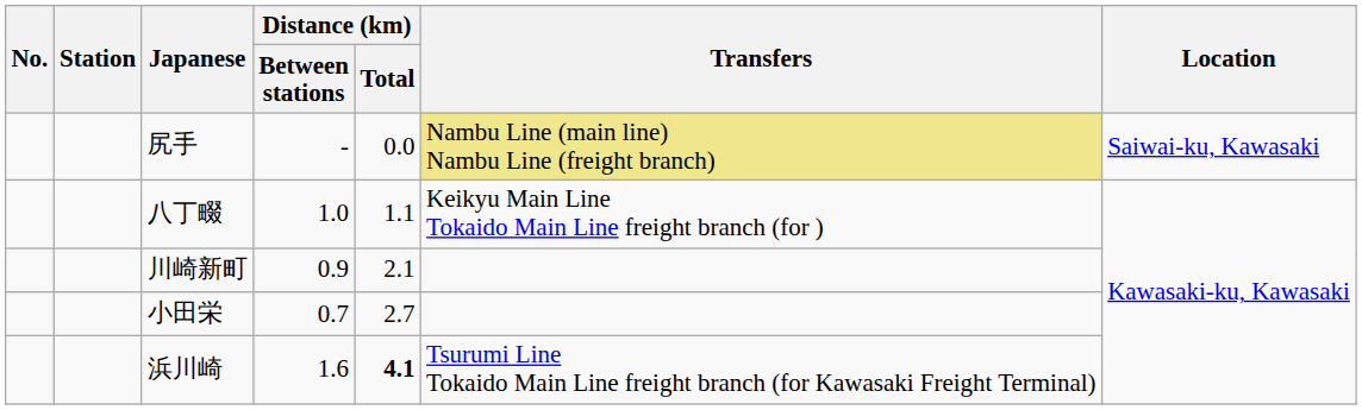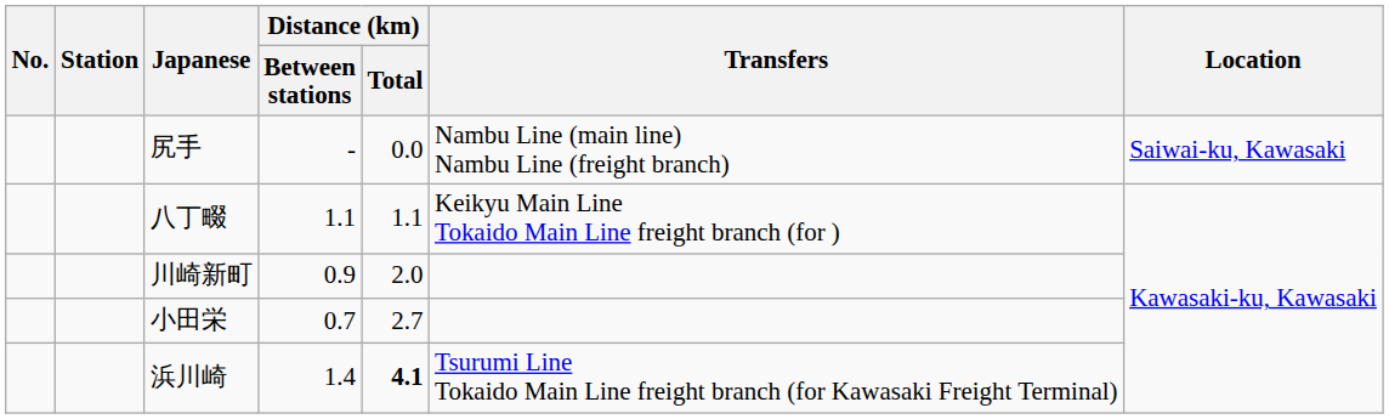 <table class="wikitable">
 <tr>
 <th rowspan="2">No.</th>
 <th rowspan="2">Station</th>
 <th rowspan="2">Japanese</th>
 <th colspan=2>Distance (km)</th>
 <th rowspan="2">Transfers</th>
 <th colspan="2" rowspan="2">Location</th>
 </tr>
 <tr>
 <th>Between<br>stations</th>
 <th>Total</th>
 </tr>
 <tr>
 <td align="center"></td>
 <td></td>
 <td>尻手</td>
 <td style="text-align:right;">-</td>
 <td style="text-align:right;">0.0</td>
-<td style="background: khaki;"> Nambu Line (main line) <br>Nambu Line (freight branch)</td>
+<td> Nambu Line (main line) <br>Nambu Line (freight branch)</td>
 <td><a href='#'>Saiwai-ku, Kawasaki</a></td>
 </tr>
 <tr>
 <td align="center"></td>
 <td></td>
 <td>八丁畷</td>
-<td style="text-align:right;">1.0</td>
+<td style="text-align:right;">1.1</td>
 <td style="text-align:right;">1.1</td>
 <td> Keikyu Main Line<br><a href='#'>Tokaido Main Line</a> freight branch (for )</td>
 <td rowspan="4"><a href='#'>Kawasaki-ku, Kawasaki</a></td>
 </tr>
 <tr>
 <td align="center"></td>
 <td></td>
 <td>川崎新町</td>
 <td style="text-align:right;">0.9</td>
-<td style="text-align:right;">2.1</td>
+<td style="text-align:right;">2.0</td>
 <td> </td>
 </tr>
 <tr>
 <td align="center"></td>
 <td></td>
 <td>小田栄</td>
 <td style="text-align:right;">0.7</td>
 <td style="text-align:right;">2.7</td>
 <td> </td>
 </tr>
 <tr>
 <td align="center"></td>
 <td></td>
 <td>浜川崎</td>
-<td style="text-align:right;">1.6</td>
+<td style="text-align:right;">1.4</td>
 <td style="text-align:right;"><strong>4.1</strong></td>
 <td> <a href='#'>Tsurumi Line</a> <br>Tokaido Main Line freight branch (for Kawasaki Freight Terminal)</td>
 </tr>
 </table>
